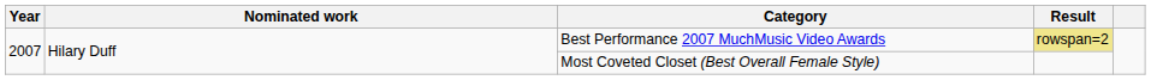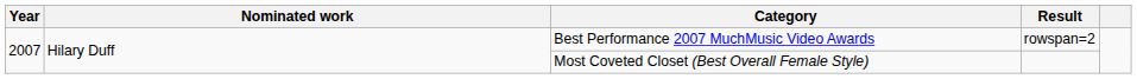 <table class="wikitable sortable">
 <tr>
 <th scope="col" style="width:1em;">Year</th>
 <th scope="col" style="width:39em;">Nominated work</th>
 <th scope="col" style="width:36em;">Category</th>
 <th scope="col" style="width:5em;">Result</th>
 <th scope="col" style="width:2em;" class="unsortable"></th>
 </tr>
 <tr>
 <td rowspan=2>2007</td>
 <td rowspan=2>Hilary Duff</td>
 <td>Best Performance <a href='#'>2007 MuchMusic Video Awards</a></td>
-<td style="background: khaki;">rowspan=2 </td>
+<td>rowspan=2 </td>
 <td style="text-align:center;" rowspan=2></td>
 </tr>
 <tr>
 <td>Most Coveted Closet <em>(Best Overall Female Style)</em></td>
 </tr>
 </table>
